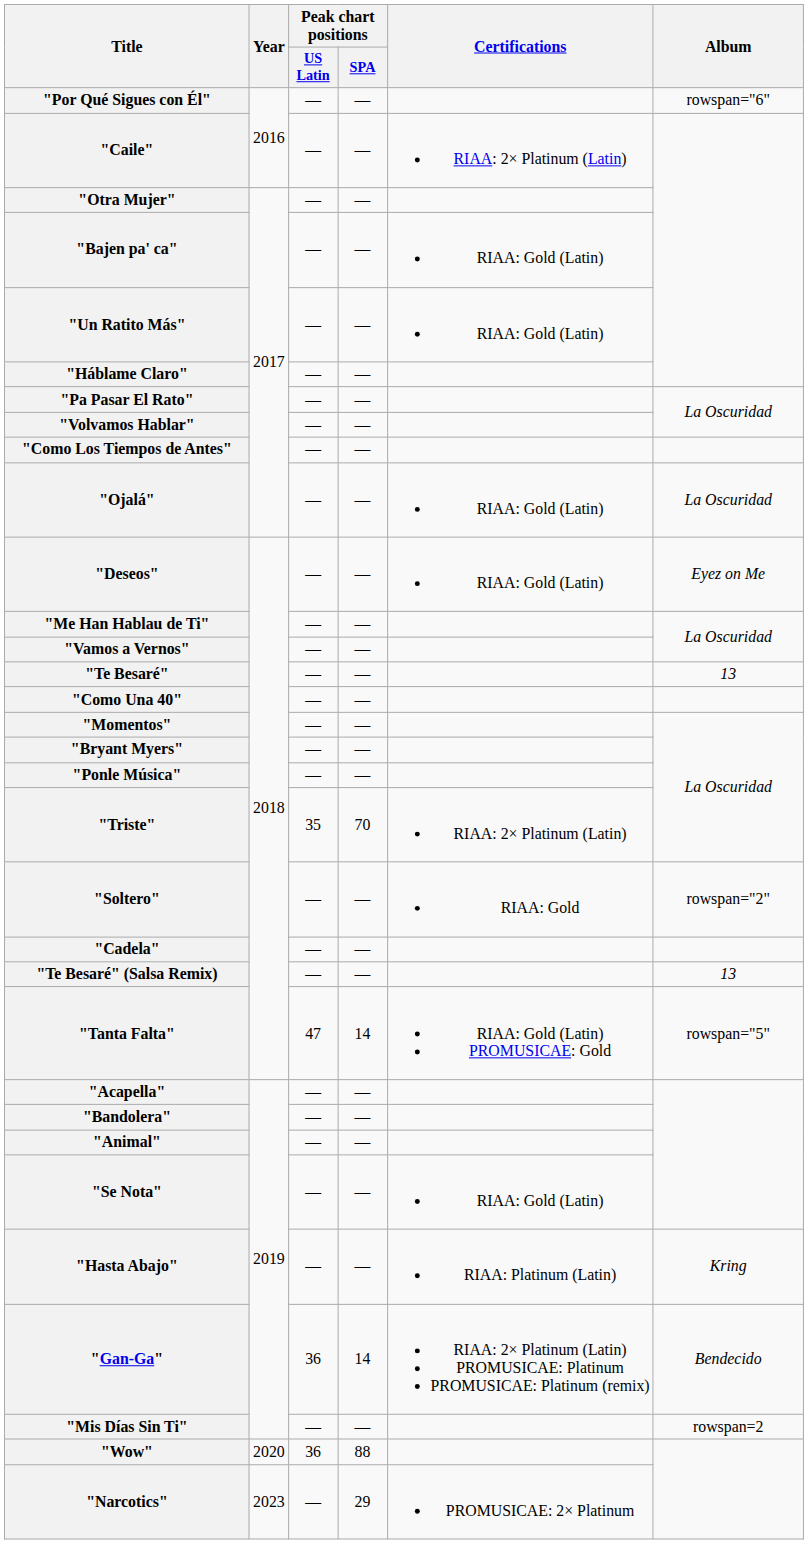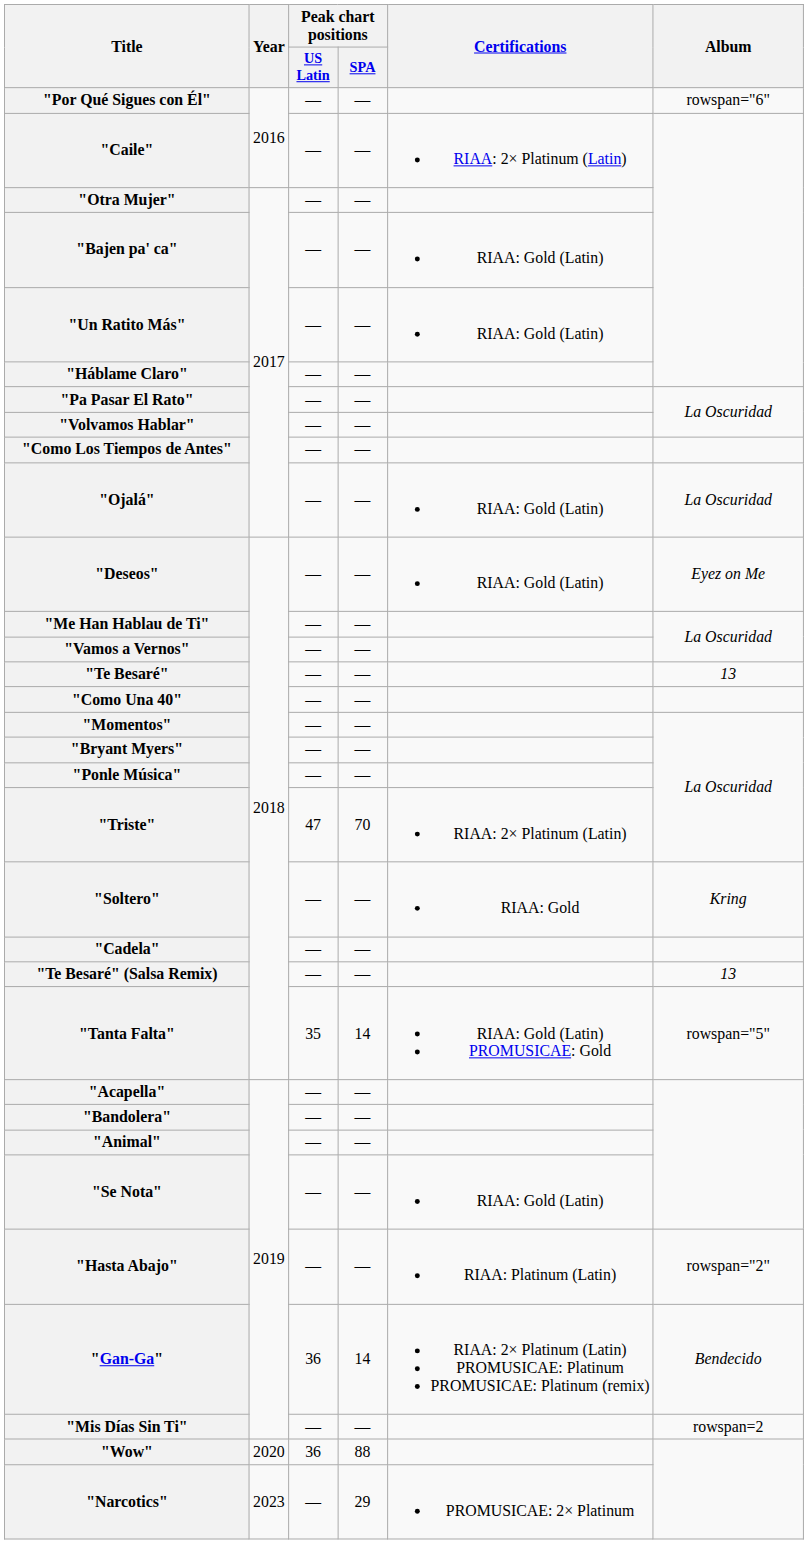 <table class="wikitable plainrowheaders" style="text-align:center;">
 <tr>
 <th scope="col" rowspan="2" style="width:15em;">Title</th>
 <th scope="col" rowspan="2" style="width:1em;">Year</th>
 <th scope="col" colspan="2">Peak chart positions</th>
 <th scope="col" rowspan="2"><a href='#'>Certifications</a></th>
 <th scope="col" rowspan="2" style="width:9em;">Album</th>
 </tr>
 <tr>
 <th scope="col" style="width:3em;font-size:90%;"><a href='#'>US<br>Latin</a><br></th>
 <th scope="col" style="width:3em;font-size:90%;"><a href='#'>SPA</a><br></th>
 </tr>
 <tr>
 <th scope="row">"Por Qué Sigues con Él"<br></th>
 <td rowspan="2">2016</td>
 <td>—</td>
 <td>—</td>
 <td></td>
 <td>rowspan="6" </td>
 </tr>
 <tr>
 <th scope="row">"Caile"<br></th>
 <td>—</td>
 <td>—</td>
 <td><br><ul><li><a href='#'>RIAA</a>: 2× Platinum <span>(<a href='#'>Latin</a>)</span></li></ul></td>
 </tr>
 <tr>
 <th scope="row">"Otra Mujer"<br></th>
 <td rowspan="8">2017</td>
 <td>—</td>
 <td>—</td>
 <td></td>
 </tr>
 <tr>
 <th scope="row">"Bajen pa' ca"<br></th>
 <td>—</td>
 <td>—</td>
 <td><br><ul><li>RIAA: Gold <span>(Latin)</span></li></ul></td>
 </tr>
 <tr>
 <th scope="row">"Un Ratito Más"<br></th>
 <td>—</td>
 <td>—</td>
 <td><br><ul><li>RIAA: Gold <span>(Latin)</span></li></ul></td>
 </tr>
 <tr>
 <th scope="row">"Háblame Claro"<br></th>
 <td>—</td>
 <td>—</td>
 <td></td>
 </tr>
 <tr>
 <th scope="row">"Pa Pasar El Rato"</th>
 <td>—</td>
 <td>—</td>
 <td></td>
 <td rowspan="2"><em>La Oscuridad</em></td>
 </tr>
 <tr>
 <th scope="row">"Volvamos Hablar"</th>
 <td>—</td>
 <td>—</td>
 <td></td>
 </tr>
 <tr>
 <th scope="row">"Como Los Tiempos de Antes"<br></th>
 <td>—</td>
 <td>—</td>
 <td></td>
 <td></td>
 </tr>
 <tr>
 <th scope="row">"Ojalá"<br></th>
 <td>—</td>
 <td>—</td>
 <td><br><ul><li>RIAA: Gold <span>(Latin)</span></li></ul></td>
 <td><em>La Oscuridad</em></td>
 </tr>
 <tr>
 <th scope="row">"Deseos"<br></th>
 <td rowspan="13">2018</td>
 <td>—</td>
 <td>—</td>
 <td><br><ul><li>RIAA: Gold <span>(Latin)</span></li></ul></td>
 <td><em>Eyez on Me</em></td>
 </tr>
 <tr>
 <th scope="row">"Me Han Hablau de Ti"<br></th>
 <td>—</td>
 <td>—</td>
 <td></td>
 <td rowspan="2"><em>La Oscuridad</em></td>
 </tr>
 <tr>
 <th scope="row">"Vamos a Vernos"<br></th>
 <td>—</td>
 <td>—</td>
 <td></td>
 </tr>
 <tr>
 <th scope="row">"Te Besaré"<br></th>
 <td>—</td>
 <td>—</td>
 <td></td>
 <td><em>13</em></td>
 </tr>
 <tr>
 <th scope="row">"Como Una 40"<br></th>
 <td>—</td>
 <td>—</td>
 <td></td>
 <td></td>
 </tr>
 <tr>
 <th scope="row">"Momentos"<br></th>
 <td>—</td>
 <td>—</td>
 <td></td>
 <td rowspan="4"><em>La Oscuridad</em></td>
 </tr>
 <tr>
 <th scope="row">"Bryant Myers"</th>
 <td>—</td>
 <td>—</td>
 <td></td>
 </tr>
 <tr>
 <th scope="row">"Ponle Música"<br></th>
 <td>—</td>
 <td>—</td>
 <td></td>
 </tr>
 <tr>
 <th scope="row">"Triste"<br></th>
-<td>35</td>
+<td>47</td>
 <td>70</td>
 <td><br><ul><li>RIAA: 2× Platinum <span>(Latin)</span></li></ul></td>
 </tr>
 <tr>
 <th scope="row">"Soltero"<br></th>
 <td>—</td>
 <td>—</td>
 <td><br><ul><li>RIAA: Gold</li></ul></td>
-<td>rowspan="2" </td>
+<td><em>Kring</em></td>
 </tr>
 <tr>
 <th scope="row">"Cadela"<br></th>
 <td>—</td>
 <td>—</td>
 <td></td>
 </tr>
 <tr>
 <th scope="row">"Te Besaré" (Salsa Remix)<br></th>
 <td>—</td>
 <td>—</td>
 <td></td>
 <td><em>13</em></td>
 </tr>
 <tr>
 <th scope="row">"Tanta Falta"<br></th>
-<td>47</td>
+<td>35</td>
 <td>14</td>
 <td><br><ul><li>RIAA: Gold <span>(Latin)</span></li><li><a href='#'>PROMUSICAE</a>: Gold</li></ul></td>
 <td>rowspan="5" </td>
 </tr>
 <tr>
 <th scope="row">"Acapella"<br></th>
 <td rowspan="7">2019</td>
 <td>—</td>
 <td>—</td>
 <td></td>
 </tr>
 <tr>
 <th scope="row">"Bandolera"<br></th>
 <td>—</td>
 <td>—</td>
 <td></td>
 </tr>
 <tr>
 <th scope="row">"Animal"<br></th>
 <td>—</td>
 <td>—</td>
 <td></td>
 </tr>
 <tr>
 <th scope="row">"Se Nota"<br></th>
 <td>—</td>
 <td>—</td>
 <td><br><ul><li>RIAA: Gold <span>(Latin)</span></li></ul></td>
 </tr>
 <tr>
 <th scope="row">"Hasta Abajo"<br></th>
 <td>—</td>
 <td>—</td>
 <td><br><ul><li>RIAA: Platinum <span>(Latin)</span></li></ul></td>
-<td><em>Kring</em></td>
+<td>rowspan="2" </td>
 </tr>
 <tr>
 <th scope="row">"<a href='#'>Gan-Ga</a>"<br></th>
 <td>36</td>
 <td>14</td>
 <td><br><ul><li>RIAA: 2× Platinum <span>(Latin)</span></li><li>PROMUSICAE: Platinum</li><li>PROMUSICAE: Platinum (remix)</li></ul></td>
 <td><em>Bendecido</em></td>
 </tr>
 <tr>
 <th scope="row">"Mis Días Sin Ti"<br></th>
 <td>—</td>
 <td>—</td>
 <td></td>
 <td>rowspan=2 </td>
 </tr>
 <tr>
 <th scope="row">"Wow"<br></th>
 <td>2020</td>
 <td>36</td>
 <td>88</td>
 <td></td>
 </tr>
 <tr>
 <th scope="row">"Narcotics"<br></th>
 <td>2023</td>
 <td>—</td>
 <td>29</td>
 <td><br><ul><li>PROMUSICAE: 2× Platinum</li></ul></td>
 </tr>
 </table>
